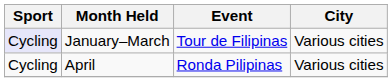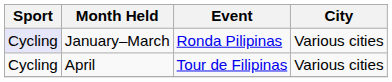 <table class="wikitable sortable">
 <tr>
 <th>Sport</th>
 <th>Month Held</th>
 <th>Event</th>
 <th>City</th>
 </tr>
 <tr>
 <td style="background: lavender;">Cycling</td>
 <td>January–March</td>
-<td><a href='#'>Tour de Filipinas</a></td>
+<td><a href='#'>Ronda Pilipinas</a></td>
 <td>Various cities</td>
 </tr>
 <tr>
 <td>Cycling</td>
 <td>April</td>
-<td><a href='#'>Ronda Pilipinas</a></td>
+<td><a href='#'>Tour de Filipinas</a></td>
 <td>Various cities</td>
 </tr>
 <tr>
 </tr>
 </table>
